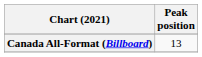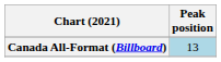 <table class="wikitable sortable plainrowheaders" style="text-align:center;">
 <tr>
 <th>Chart (2021)</th>
 <th>Peak<br>position</th>
 </tr>
 <tr>
 </tr>
 <tr>
 </tr>
 <tr>
 <th scope="row">Canada All-Format (<em><a href='#'>Billboard</a></em>)</th>
-<td>13</td>
+<td style="background: lightblue;">13</td>
 </tr>
 <tr>
 </tr>
 <tr>
 </tr>
 <tr>
 </tr>
 <tr>
 </tr>
 </table>
